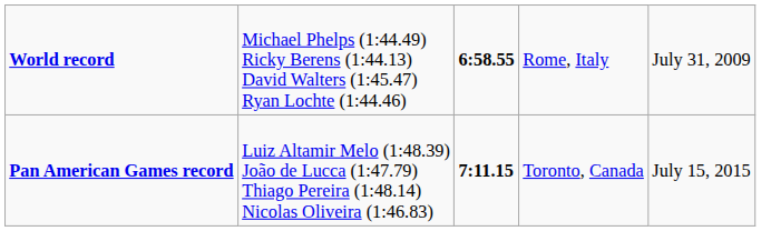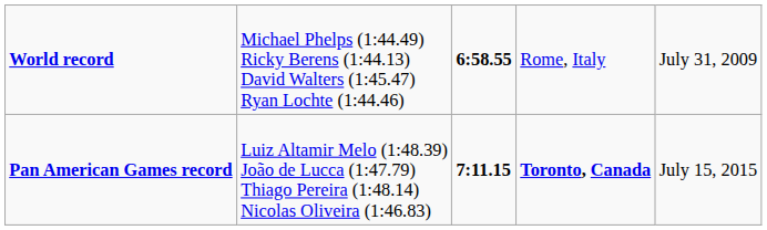 <table class="wikitable">
 <tr>
 <td><strong><a href='#'>World record</a></strong></td>
 <td><br><a href='#'>Michael Phelps</a> (1:44.49)<br><a href='#'>Ricky Berens</a> (1:44.13)<br><a href='#'>David Walters</a> (1:45.47)<br><a href='#'>Ryan Lochte</a> (1:44.46)</td>
 <td><strong>6:58.55</strong></td>
 <td><a href='#'>Rome</a>, <a href='#'>Italy</a></td>
 <td>July 31, 2009</td>
 </tr>
 <tr>
 <td><strong><a href='#'>Pan American Games record</a></strong></td>
 <td><br><a href='#'>Luiz Altamir Melo</a> (1:48.39)<br><a href='#'>João de Lucca</a> (1:47.79)<br><a href='#'>Thiago Pereira</a> (1:48.14)<br><a href='#'>Nicolas Oliveira</a>  (1:46.83)</td>
 <td><strong>7:11.15</strong></td>
-<td><a href='#'>Toronto</a>, <a href='#'>Canada</a></td>
+<td><strong><a href='#'>Toronto</a>, <a href='#'>Canada</a></strong></td>
 <td>July 15, 2015</td>
 </tr>
 </table>
